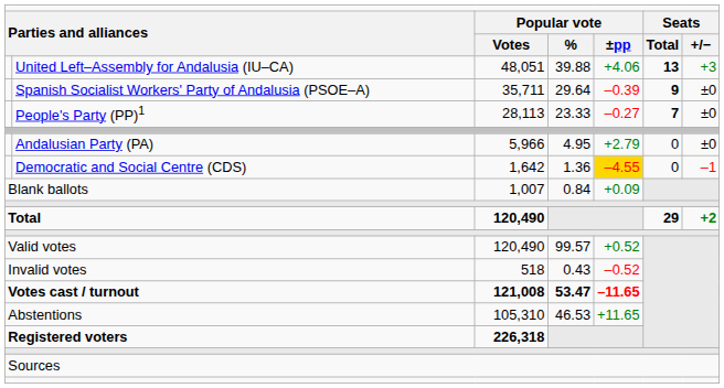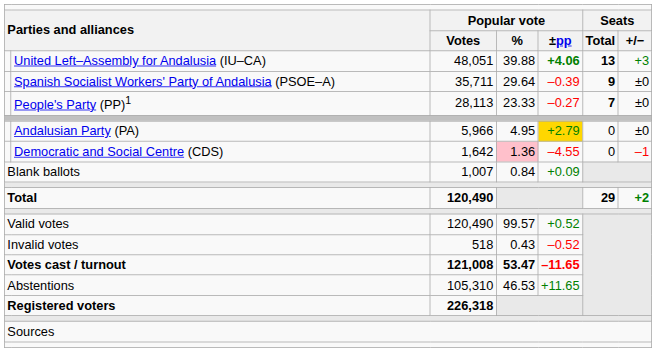 <table class="wikitable" style="text-align:right;">
 <tr>
 <td colspan="7"></td>
 </tr>
 <tr>
 <th style="text-align:left;" rowspan="2" colspan="2" width="525">Parties and alliances</th>
 <th colspan="3">Popular vote</th>
 <th colspan="2">Seats</th>
 </tr>
 <tr>
 <th width="75">Votes</th>
 <th width="45">%</th>
 <th width="45">±<a href='#'>pp</a></th>
 <th width="35">Total</th>
 <th width="35">+/−</th>
 </tr>
 <tr>
 <td width="1" style="color:inherit;background:"></td>
 <td align="left"><a href='#'>United Left–Assembly for Andalusia</a> (IU–CA)</td>
 <td>48,051</td>
 <td>39.88</td>
-<td style="color:green;">+4.06</td>
+<td style="color:green;"><strong>+4.06</strong></td>
 <td><strong>13</strong></td>
 <td style="color:green;">+3</td>
 </tr>
 <tr>
 <td style="color:inherit;background:"></td>
 <td align="left"><a href='#'>Spanish Socialist Workers' Party of Andalusia</a> (PSOE–A)</td>
 <td>35,711</td>
 <td>29.64</td>
 <td style="color:red;">–0.39</td>
 <td><strong>9</strong></td>
 <td>±0</td>
 </tr>
 <tr>
 <td style="color:inherit;background:"></td>
 <td align="left"><a href='#'>People's Party</a> (PP)<sup>1</sup></td>
 <td>28,113</td>
 <td>23.33</td>
 <td style="color:red;">–0.27</td>
 <td><strong>7</strong></td>
 <td>±0</td>
 </tr>
 <tr>
 <td colspan="7" bgcolor="#C0C0C0"></td>
 </tr>
 <tr>
 <td style="color:inherit;background:"></td>
 <td align="left"><a href='#'>Andalusian Party</a> (PA)</td>
 <td>5,966</td>
 <td>4.95</td>
-<td style="color:green;">+2.79</td>
+<td style="background: gold; color:green;">+2.79</td>
 <td>0</td>
 <td>±0</td>
 </tr>
 <tr>
 <td style="color:inherit;background:"></td>
 <td align="left"><a href='#'>Democratic and Social Centre</a> (CDS)</td>
 <td>1,642</td>
-<td>1.36</td>
-<td style="background: gold; color:red;">–4.55</td>
+<td style="background: pink;">1.36</td>
+<td style="color:red;">–4.55</td>
 <td>0</td>
 <td style="color:red;">–1</td>
 </tr>
 <tr>
 <td align="left" colspan="2">Blank ballots</td>
 <td>1,007</td>
 <td>0.84</td>
 <td style="color:green;">+0.09</td>
 <td bgcolor="#E9E9E9" colspan="2"></td>
 </tr>
 <tr>
 <td colspan="7" bgcolor="#E9E9E9"></td>
 </tr>
 <tr style="font-weight:bold;">
 <td align="left" colspan="2">Total</td>
 <td>120,490</td>
 <td bgcolor="#E9E9E9" colspan="2"></td>
 <td>29</td>
 <td style="color:green;">+2</td>
 </tr>
 <tr>
 <td colspan="7" bgcolor="#E9E9E9"></td>
 </tr>
 <tr>
 <td align="left" colspan="2">Valid votes</td>
 <td>120,490</td>
 <td>99.57</td>
 <td style="color:green;">+0.52</td>
 <td bgcolor="#E9E9E9" colspan="2" rowspan="5"></td>
 </tr>
 <tr>
 <td align="left" colspan="2">Invalid votes</td>
 <td>518</td>
 <td>0.43</td>
 <td style="color:red;">–0.52</td>
 </tr>
 <tr style="font-weight:bold;">
 <td align="left" colspan="2">Votes cast / turnout</td>
 <td>121,008</td>
 <td>53.47</td>
 <td style="color:red;">–11.65</td>
 </tr>
 <tr>
 <td align="left" colspan="2">Abstentions</td>
 <td>105,310</td>
 <td>46.53</td>
 <td style="color:green;">+11.65</td>
 </tr>
 <tr style="font-weight:bold;">
 <td align="left" colspan="2">Registered voters</td>
 <td>226,318</td>
 <td bgcolor="#E9E9E9" colspan="2"></td>
 </tr>
 <tr>
 <td colspan="7" bgcolor="#E9E9E9"></td>
 </tr>
 <tr>
 <td align="left" colspan="7">Sources</td>
 </tr>
 <tr>
 <td colspan="7" style="text-align:left; max-width:790px;"></td>
 </tr>
 </table>
